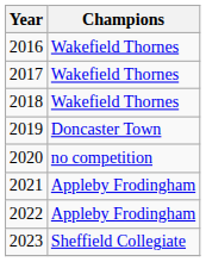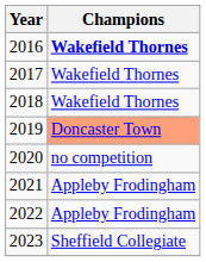 <table class="wikitable" style="font-size:85%">
 <tr>
 <th>Year</th>
 <th>Champions</th>
 </tr>
 <tr>
 <td>2016</td>
-<td><a href='#'>Wakefield Thornes</a></td>
+<td><strong><a href='#'>Wakefield Thornes</a></strong></td>
 </tr>
 <tr>
 <td>2017</td>
 <td><a href='#'>Wakefield Thornes</a></td>
 </tr>
 <tr>
 <td>2018</td>
 <td><a href='#'>Wakefield Thornes</a></td>
 </tr>
 <tr>
 <td>2019</td>
-<td><a href='#'>Doncaster Town</a></td>
+<td style="background: lightsalmon;"><a href='#'>Doncaster Town</a></td>
 </tr>
 <tr>
 <td>2020</td>
 <td><a href='#'>no competition</a></td>
 </tr>
 <tr>
 <td>2021</td>
 <td><a href='#'>Appleby Frodingham</a></td>
 </tr>
 <tr>
 <td>2022</td>
 <td><a href='#'>Appleby Frodingham</a></td>
 </tr>
 <tr>
 <td>2023</td>
 <td><a href='#'>Sheffield Collegiate</a></td>
 </tr>
 <tr>
 </tr>
 </table>
